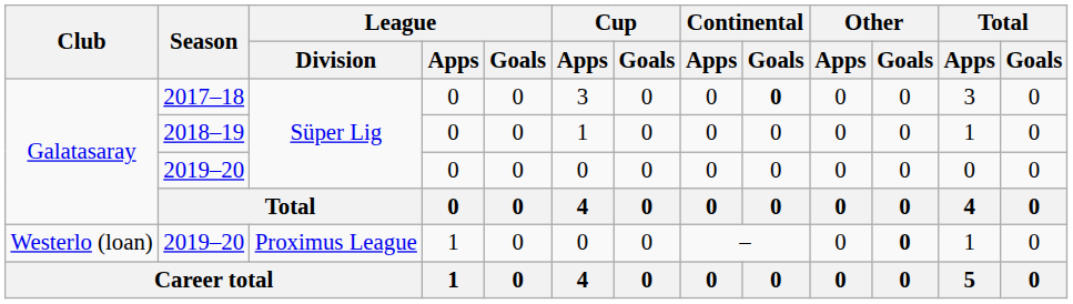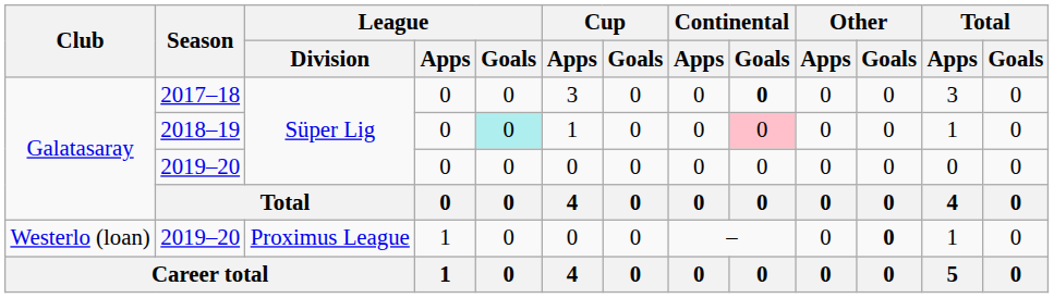 <table class="wikitable" style="text-align: center">
 <tr>
 <th rowspan="2">Club</th>
 <th rowspan="2">Season</th>
 <th colspan="3">League</th>
 <th colspan="2">Cup</th>
 <th colspan="2">Continental</th>
 <th colspan="2">Other</th>
 <th colspan="2">Total</th>
 </tr>
 <tr>
 <th>Division</th>
 <th>Apps</th>
 <th>Goals</th>
 <th>Apps</th>
 <th>Goals</th>
 <th>Apps</th>
 <th>Goals</th>
 <th>Apps</th>
 <th>Goals</th>
 <th>Apps</th>
 <th>Goals</th>
 </tr>
 <tr>
 <td rowspan="4"><a href='#'>Galatasaray</a></td>
 <td><a href='#'>2017–18</a></td>
 <td rowspan="3"><a href='#'>Süper Lig</a></td>
 <td>0</td>
 <td>0</td>
 <td>3</td>
 <td>0</td>
 <td>0</td>
 <td><strong>0</strong></td>
 <td>0</td>
 <td>0</td>
 <td>3</td>
 <td>0</td>
 </tr>
 <tr>
 <td><a href='#'>2018–19</a></td>
 <td>0</td>
-<td>0</td>
+<td style="background: paleturquoise;">0</td>
 <td>1</td>
 <td>0</td>
 <td>0</td>
-<td>0</td>
+<td style="background: pink;">0</td>
 <td>0</td>
 <td>0</td>
 <td>1</td>
 <td>0</td>
 </tr>
 <tr>
 <td><a href='#'>2019–20</a></td>
 <td>0</td>
 <td>0</td>
 <td>0</td>
 <td>0</td>
 <td>0</td>
 <td>0</td>
 <td>0</td>
 <td>0</td>
 <td>0</td>
 <td>0</td>
 </tr>
 <tr>
 <th colspan="2"><strong>Total</strong></th>
 <th>0</th>
 <th>0</th>
 <th>4</th>
 <th>0</th>
 <th>0</th>
 <th>0</th>
 <th>0</th>
 <th>0</th>
 <th>4</th>
 <th>0</th>
 </tr>
 <tr>
 <td><a href='#'>Westerlo</a> (loan)</td>
 <td><a href='#'>2019–20</a></td>
 <td><a href='#'>Proximus League</a></td>
 <td>1</td>
 <td>0</td>
 <td>0</td>
 <td>0</td>
 <td colspan="2">–</td>
 <td>0</td>
 <td><strong>0</strong></td>
 <td>1</td>
 <td>0</td>
 </tr>
 <tr>
 <th colspan="3"><strong>Career total</strong></th>
 <th>1</th>
 <th>0</th>
 <th>4</th>
 <th>0</th>
 <th>0</th>
 <th>0</th>
 <th>0</th>
 <th>0</th>
 <th>5</th>
 <th>0</th>
 </tr>
 </table>
